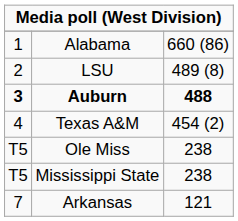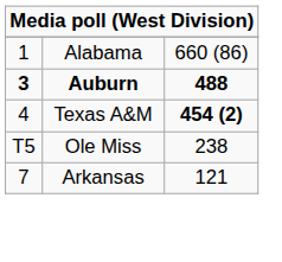 <table class="wikitable" style="display: inline-table;">
 <tr>
 <td align="center" Colspan="3"><strong>Media poll (West Division)</strong></td>
 </tr>
 <tr align="center">
 </tr>
 <tr align="center">
 <td>1</td>
 <td>Alabama</td>
 <td>660 (86)</td>
 </tr>
 <tr align="center">
-<td>2</td>
-<td>LSU</td>
-<td>489 (8)</td>
-</tr>
-<tr align="center">
 <td><strong>3</strong></td>
 <td><strong>Auburn</strong></td>
 <td><strong>488</strong></td>
 </tr>
 <tr align="center">
 <td>4</td>
 <td>Texas A&M</td>
-<td>454 (2)</td>
+<td><strong>454 (2)</strong></td>
 </tr>
 <tr align="center">
 <td>T5</td>
 <td>Ole Miss</td>
-<td>238</td>
-</tr>
-<tr align="center">
-<td>T5</td>
-<td>Mississippi State</td>
 <td>238</td>
 </tr>
 <tr align="center">
 <td>7</td>
 <td>Arkansas</td>
 <td>121</td>
 </tr>
 </table>
